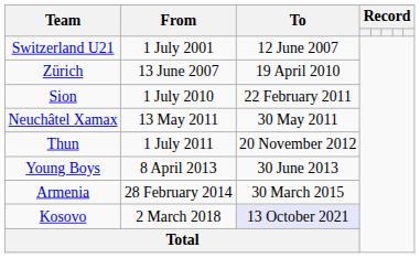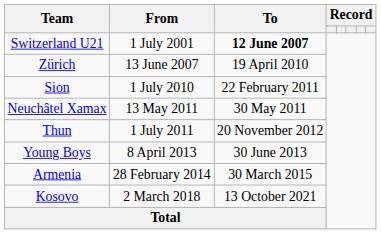 <table class="wikitable" style="text-align: center">
 <tr>
 <th rowspan="2">Team</th>
 <th rowspan="2">From</th>
 <th rowspan="2">To</th>
 <th colspan="5">Record</th>
 </tr>
 <tr>
 <th></th>
 <th></th>
 <th></th>
 <th></th>
 <th></th>
 </tr>
 <tr>
 <td><a href='#'>Switzerland U21</a></td>
 <td>1 July 2001</td>
-<td>12 June 2007<br></td>
+<td><strong>12 June 2007<br></strong></td>
 </tr>
 <tr>
 <td><a href='#'>Zürich</a></td>
 <td>13 June 2007</td>
 <td>19 April 2010<br></td>
 </tr>
 <tr>
 <td><a href='#'>Sion</a></td>
 <td>1 July 2010</td>
 <td>22 February 2011<br></td>
 </tr>
 <tr>
 <td><a href='#'>Neuchâtel Xamax</a></td>
 <td>13 May 2011</td>
 <td>30 May 2011<br></td>
 </tr>
 <tr>
 <td><a href='#'>Thun</a></td>
 <td>1 July 2011</td>
 <td>20 November 2012<br></td>
 </tr>
 <tr>
 <td><a href='#'>Young Boys</a></td>
 <td>8 April 2013</td>
 <td>30 June 2013<br></td>
 </tr>
 <tr>
 <td><a href='#'>Armenia</a></td>
 <td>28 February 2014</td>
 <td>30 March 2015<br></td>
 </tr>
 <tr>
 <td><a href='#'>Kosovo</a></td>
 <td>2 March 2018</td>
-<td style="background: lavender;">13 October 2021<br></td>
+<td>13 October 2021<br></td>
 </tr>
 <tr>
 <th colspan="3">Total<br></th>
 </tr>
 </table>
